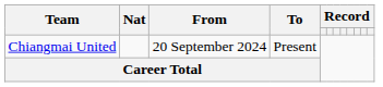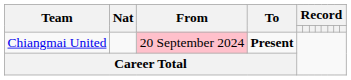 <table class="wikitable" style="text-align: center">
 <tr>
 <th rowspan="2">Team</th>
 <th rowspan="2">Nat</th>
 <th rowspan="2">From</th>
 <th rowspan="2">To</th>
 <th colspan="8">Record</th>
 </tr>
 <tr>
 <th></th>
 <th></th>
 <th></th>
 <th></th>
 <th></th>
 <th></th>
 <th></th>
 <th></th>
 </tr>
 <tr>
 <td align=left><a href='#'>Chiangmai United</a></td>
 <td></td>
-<td align=left>20 September 2024</td>
-<td align=left>Present<br></td>
+<td align=left style="background: pink;">20 September 2024</td>
+<td align=left><strong>Present<br></strong></td>
 </tr>
 <tr>
 <th colspan="4">Career Total<br></th>
 </tr>
 </table>
